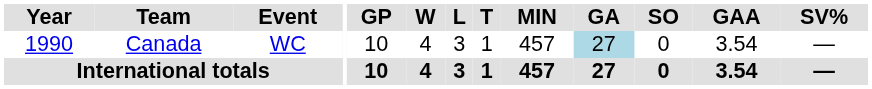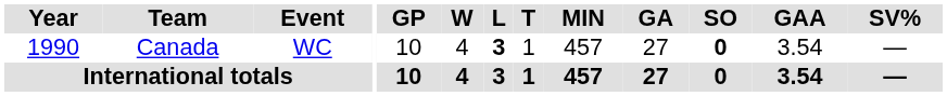 <table border="0" cellpadding="1" cellspacing="0" ID="Table3" style="text-align:center; width:40em">
 <tr ALIGN="center" bgcolor="#e0e0e0">
 <th>Year</th>
 <th>Team</th>
 <th>Event</th>
 <th rowspan="99" bgcolor="#ffffff"></th>
 <th>GP</th>
 <th>W</th>
 <th>L</th>
 <th>T</th>
 <th>MIN</th>
 <th>GA</th>
 <th>SO</th>
 <th>GAA</th>
 <th>SV%</th>
 </tr>
 <tr>
 <td><a href='#'>1990</a></td>
 <td><a href='#'>Canada</a></td>
 <td><a href='#'>WC</a></td>
 <td>10</td>
 <td>4</td>
-<td>3</td>
+<td><strong>3</strong></td>
 <td>1</td>
 <td>457</td>
-<td style="background: lightblue;">27</td>
-<td>0</td>
+<td>27</td>
+<td><strong>0</strong></td>
 <td>3.54</td>
 <td>—</td>
 </tr>
 <tr bgcolor="#e0e0e0">
 <th colspan=3>International totals</th>
 <th>10</th>
 <th>4</th>
 <th>3</th>
 <th>1</th>
 <th>457</th>
 <th>27</th>
 <th>0</th>
 <th>3.54</th>
 <th>—</th>
 </tr>
 </table>
